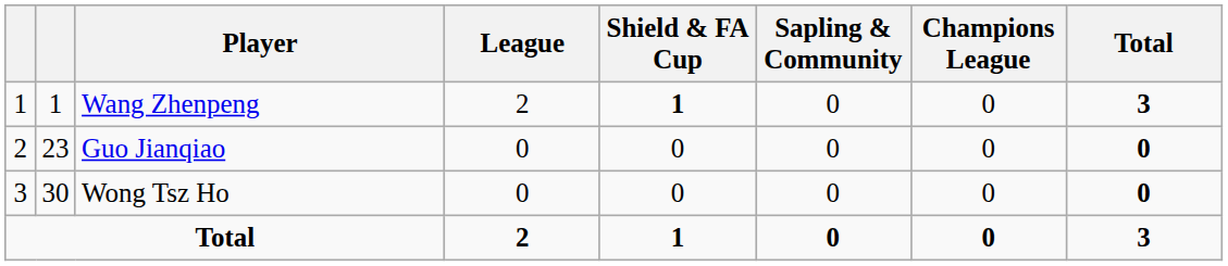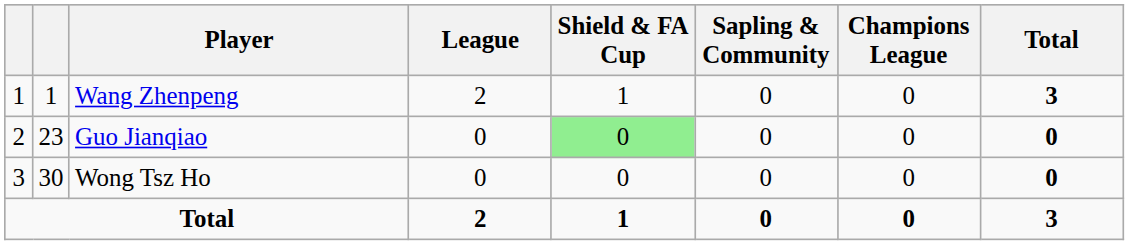 <table class="wikitable sortable" style="font-size: 95%; text-align: center;">
 <tr>
 <th width=10></th>
 <th width=10></th>
 <th width=200>Player</th>
 <th width=80>League</th>
 <th width=80>Shield & FA Cup</th>
 <th width=80>Sapling & Community</th>
 <th width=80>Champions League</th>
 <th width=80>Total</th>
 </tr>
 <tr>
 <td rowspan=1>1</td>
 <td>1</td>
 <td align=left> <a href='#'>Wang Zhenpeng</a></td>
 <td>2</td>
-<td><strong>1</strong></td>
+<td>1</td>
 <td>0</td>
 <td>0</td>
 <td><strong>3</strong></td>
 </tr>
 <tr>
 <td rowspan=1>2</td>
 <td>23</td>
 <td align=left> <a href='#'>Guo Jianqiao</a></td>
 <td>0</td>
-<td>0</td>
+<td style="background: lightgreen;">0</td>
 <td>0</td>
 <td>0</td>
 <td><strong>0</strong></td>
 </tr>
 <tr>
 <td rowspan=1>3</td>
 <td>30</td>
 <td align=left> Wong Tsz Ho</td>
 <td>0</td>
 <td>0</td>
 <td>0</td>
 <td>0</td>
 <td><strong>0</strong></td>
 </tr>
 <tr>
 <td colspan=3><strong>Total</strong></td>
 <td><strong>2</strong></td>
 <td><strong>1</strong></td>
 <td><strong>0</strong></td>
 <td><strong>0</strong></td>
 <td><strong>3</strong></td>
 </tr>
 </table>
